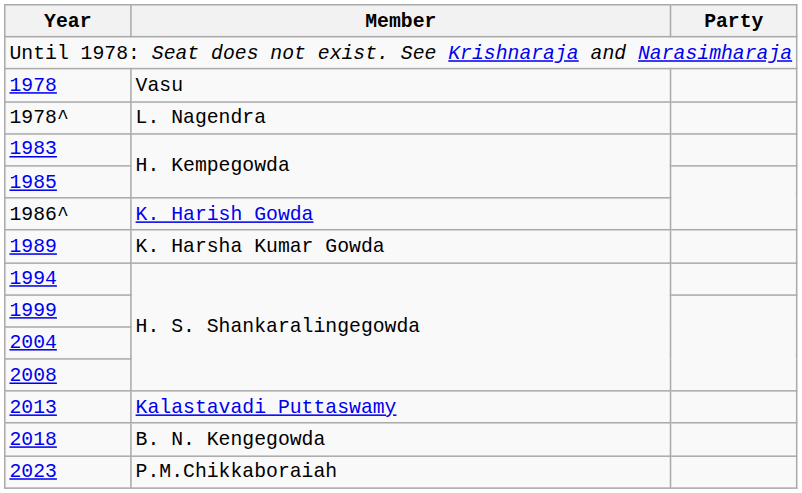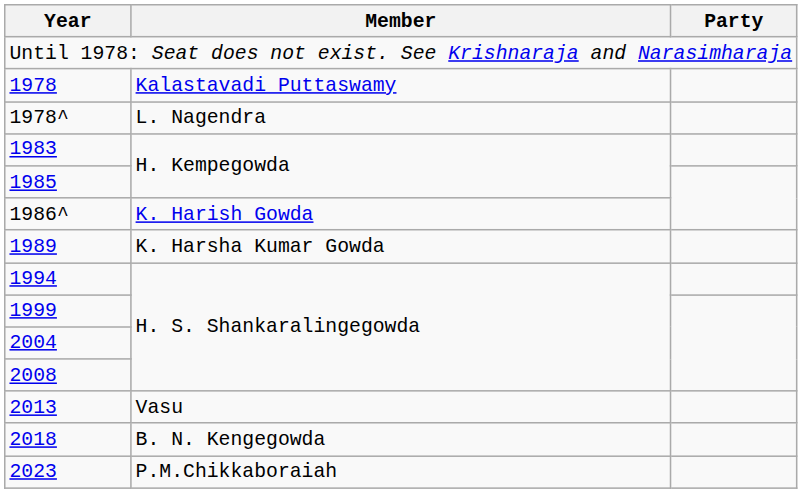 <table class="wikitable">
 <tr>
 <th>Year</th>
 <th>Member</th>
 <th colspan="2">Party</th>
 </tr>
 <tr>
 <td colspan=4 align=center>Until 1978: <em>Seat does not exist. See <a href='#'>Krishnaraja</a> and <a href='#'>Narasimharaja</a></em></td>
 </tr>
 <tr>
 <td><a href='#'>1978</a></td>
-<td>Vasu</td>
+<td><a href='#'>Kalastavadi Puttaswamy</a></td>
 <td></td>
 </tr>
 <tr>
 <td>1978^</td>
 <td>L. Nagendra</td>
 <td></td>
 </tr>
 <tr>
 <td><a href='#'>1983</a></td>
 <td rowspan="2">H. Kempegowda</td>
 <td></td>
 </tr>
 <tr>
 <td><a href='#'>1985</a></td>
 </tr>
 <tr>
 <td>1986^</td>
 <td><a href='#'>K. Harish Gowda</a></td>
 </tr>
 <tr>
 <td><a href='#'>1989</a></td>
 <td>K. Harsha Kumar Gowda</td>
 <td></td>
 </tr>
 <tr>
 <td><a href='#'>1994</a></td>
 <td rowspan="4">H. S. Shankaralingegowda</td>
 <td></td>
 </tr>
 <tr>
 <td><a href='#'>1999</a></td>
 </tr>
 <tr>
 <td><a href='#'>2004</a></td>
 </tr>
 <tr>
 <td><a href='#'>2008</a></td>
 </tr>
 <tr>
 <td><a href='#'>2013</a></td>
-<td><a href='#'>Kalastavadi Puttaswamy</a></td>
+<td>Vasu</td>
 <td></td>
 </tr>
 <tr>
 <td><a href='#'>2018</a></td>
 <td>B. N. Kengegowda</td>
 <td></td>
 </tr>
 <tr>
 <td><a href='#'>2023</a></td>
 <td>P.M.Chikkaboraiah</td>
 <td></td>
 </tr>
 </table>
